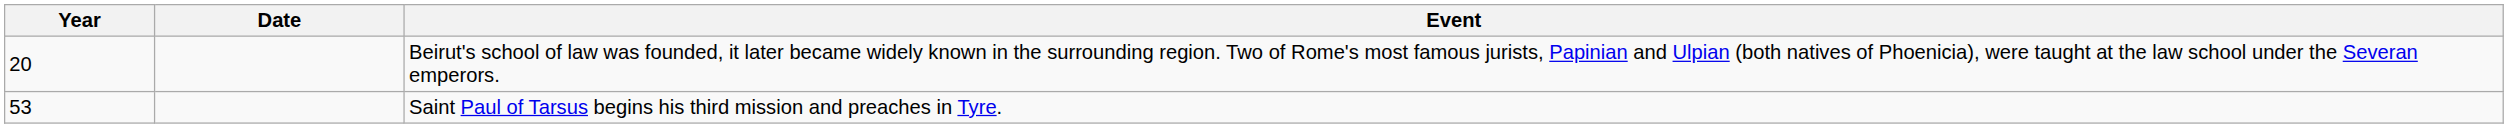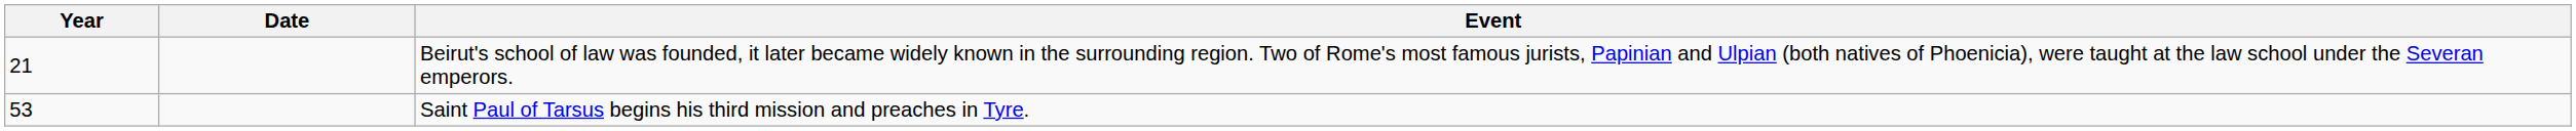 <table class="wikitable" width="100%">
 <tr>
 <th style="width:6%">Year</th>
 <th style="width:10%">Date</th>
 <th>Event</th>
 </tr>
 <tr>
-<td>20</td>
+<td>21</td>
 <td></td>
 <td>Beirut's school of law was founded, it later became widely known in the surrounding region. Two of Rome's most famous jurists, <a href='#'>Papinian</a> and <a href='#'>Ulpian</a> (both natives of Phoenicia), were taught at the law school under the <a href='#'>Severan</a> emperors.</td>
 </tr>
 <tr>
 <td>53</td>
 <td></td>
 <td>Saint <a href='#'>Paul of Tarsus</a> begins his third mission and preaches in <a href='#'>Tyre</a>.</td>
 </tr>
 </table>
